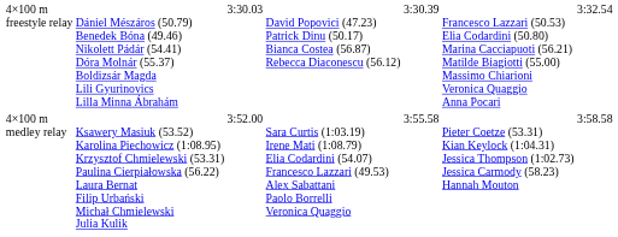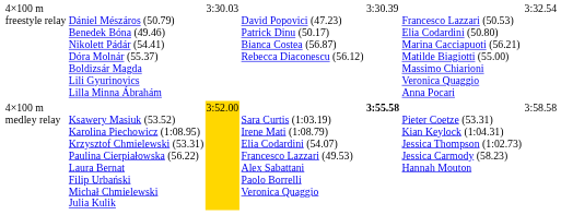 <table>
 <tr valign="top">
 <td>4×100 m<br>freestyle relay</td>
 <td><br><a href='#'>Dániel Mészáros</a> (50.79)<br><a href='#'>Benedek Bóna</a> (49.46)<br><a href='#'>Nikolett Pádár</a> (54.41)<br><a href='#'>Dóra Molnár</a> (55.37)<br><a href='#'>Boldizsár Magda</a><br><a href='#'>Lili Gyurinovics</a><br><a href='#'>Lilla Minna Ábrahám</a></td>
 <td>3:30.03</td>
 <td><br><a href='#'>David Popovici</a> (47.23)<br><a href='#'>Patrick Dinu</a> (50.17)<br> <a href='#'>Bianca Costea</a> (56.87)<br><a href='#'>Rebecca Diaconescu</a> (56.12)</td>
 <td>3:30.39</td>
 <td><br><a href='#'>Francesco Lazzari</a> (50.53)<br><a href='#'>Elia Codardini</a> (50.80)<br><a href='#'>Marina Cacciapuoti</a> (56.21)<br><a href='#'>Matilde Biagiotti</a> (55.00)<br><a href='#'>Massimo Chiarioni</a><br><a href='#'>Veronica Quaggio</a><br><a href='#'>Anna Pocari</a></td>
 <td>3:32.54</td>
 </tr>
 <tr valign="top">
 <td>4×100 m<br>medley relay</td>
 <td><br><a href='#'>Ksawery Masiuk</a> (53.52)<br><a href='#'>Karolina Piechowicz</a> (1:08.95)<br><a href='#'>Krzysztof Chmielewski</a> (53.31)<br><a href='#'>Paulina Cierpiałowska</a> (56.22)<br><a href='#'>Laura Bernat</a><br><a href='#'>Filip Urbański</a><br><a href='#'>Michał Chmielewski</a><br><a href='#'>Julia Kulik</a></td>
-<td>3:52.00</td>
+<td style="background: gold;">3:52.00</td>
 <td><br><a href='#'>Sara Curtis</a> (1:03.19)<br><a href='#'>Irene Mati</a> (1:08.79)<br><a href='#'>Elia Codardini</a> (54.07)<br><a href='#'>Francesco Lazzari</a> (49.53)<br><a href='#'>Alex Sabattani</a><br><a href='#'>Paolo Borrelli</a><br><a href='#'>Veronica Quaggio</a></td>
-<td>3:55.58</td>
+<td><strong>3:55.58</strong></td>
 <td><br><a href='#'>Pieter Coetze</a> (53.31)<br><a href='#'>Kian Keylock</a> (1:04.31)<br><a href='#'>Jessica Thompson</a> (1:02.73)<br><a href='#'>Jessica Carmody</a> (58.23)<br><a href='#'>Hannah Mouton</a></td>
 <td>3:58.58</td>
 </tr>
 </table>
